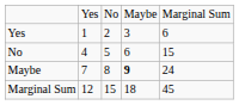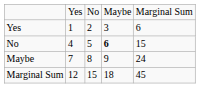 <table class="wikitable" border="1">
 <tr>
 <td></td>
 <td>Yes</td>
 <td>No</td>
 <td>Maybe</td>
 <td>Marginal Sum</td>
 </tr>
 <tr>
 <td>Yes</td>
 <td>1</td>
 <td>2</td>
 <td>3</td>
 <td>6</td>
 </tr>
 <tr>
 <td>No</td>
 <td>4</td>
 <td>5</td>
-<td>6</td>
+<td><strong>6</strong></td>
 <td>15</td>
 </tr>
 <tr>
 <td>Maybe</td>
 <td>7</td>
 <td>8</td>
-<td><strong>9</strong></td>
+<td>9</td>
 <td>24</td>
 </tr>
 <tr>
 <td>Marginal Sum</td>
 <td>12</td>
 <td>15</td>
 <td>18</td>
 <td>45</td>
 </tr>
 </table>
